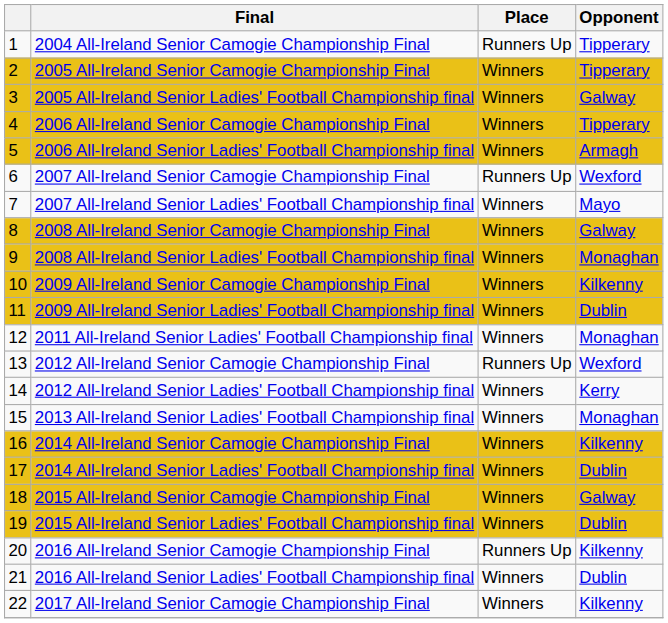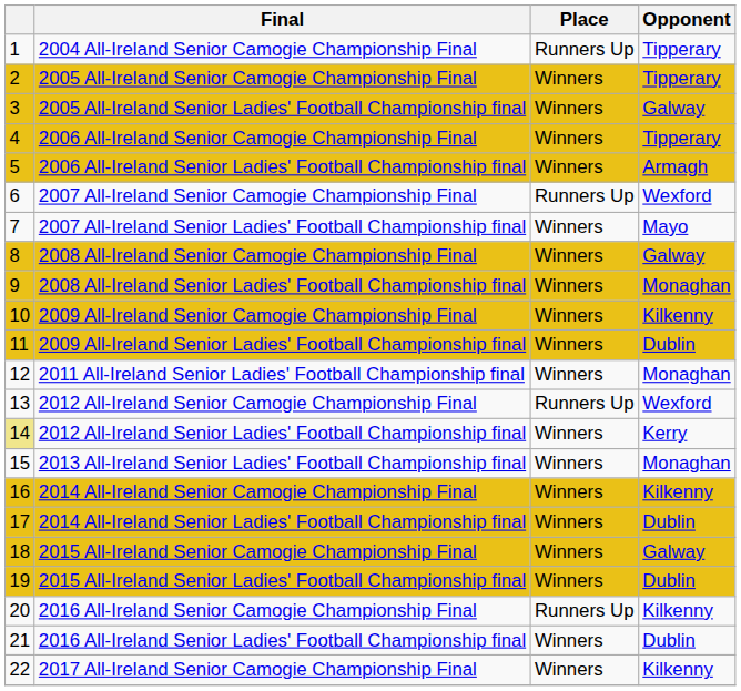 <table class="wikitable collapsible">
 <tr>
 <th></th>
 <th>Final</th>
 <th>Place</th>
 <th>Opponent</th>
 </tr>
 <tr>
 <td>1</td>
 <td><a href='#'>2004 All-Ireland Senior Camogie Championship Final</a></td>
 <td>Runners Up</td>
 <td><a href='#'>Tipperary</a></td>
 </tr>
 <tr bgcolor=#EAC117>
 <td>2</td>
 <td><a href='#'>2005 All-Ireland Senior Camogie Championship Final</a></td>
 <td>Winners</td>
 <td><a href='#'>Tipperary</a></td>
 </tr>
 <tr bgcolor=#EAC117>
 <td>3</td>
 <td><a href='#'>2005 All-Ireland Senior Ladies' Football Championship final</a></td>
 <td>Winners</td>
 <td><a href='#'>Galway</a></td>
 </tr>
 <tr bgcolor=#EAC117>
 <td>4</td>
 <td><a href='#'>2006 All-Ireland Senior Camogie Championship Final</a></td>
 <td>Winners</td>
 <td><a href='#'>Tipperary</a></td>
 </tr>
 <tr bgcolor=#EAC117>
 <td>5</td>
 <td><a href='#'>2006 All-Ireland Senior Ladies' Football Championship final</a></td>
 <td>Winners</td>
 <td><a href='#'>Armagh</a></td>
 </tr>
 <tr>
 <td>6</td>
 <td><a href='#'>2007 All-Ireland Senior Camogie Championship Final</a></td>
 <td>Runners Up</td>
 <td><a href='#'>Wexford</a></td>
 </tr>
 <tr>
 <td>7</td>
 <td><a href='#'>2007 All-Ireland Senior Ladies' Football Championship final</a></td>
 <td>Winners</td>
 <td><a href='#'>Mayo</a></td>
 </tr>
 <tr bgcolor=#EAC117>
 <td>8</td>
 <td><a href='#'>2008 All-Ireland Senior Camogie Championship Final</a></td>
 <td>Winners</td>
 <td><a href='#'>Galway</a></td>
 </tr>
 <tr bgcolor=#EAC117>
 <td>9</td>
 <td><a href='#'>2008 All-Ireland Senior Ladies' Football Championship final</a></td>
 <td>Winners</td>
 <td><a href='#'>Monaghan</a></td>
 </tr>
 <tr bgcolor=#EAC117>
 <td>10</td>
 <td><a href='#'>2009 All-Ireland Senior Camogie Championship Final</a></td>
 <td>Winners</td>
 <td><a href='#'>Kilkenny</a></td>
 </tr>
 <tr bgcolor=#EAC117>
 <td>11</td>
 <td><a href='#'>2009 All-Ireland Senior Ladies' Football Championship final</a></td>
 <td>Winners</td>
 <td><a href='#'>Dublin</a></td>
 </tr>
 <tr>
 <td>12</td>
 <td><a href='#'>2011 All-Ireland Senior Ladies' Football Championship final</a></td>
 <td>Winners</td>
 <td><a href='#'>Monaghan</a></td>
 </tr>
 <tr>
 <td>13</td>
 <td><a href='#'>2012 All-Ireland Senior Camogie Championship Final</a></td>
 <td>Runners Up</td>
 <td><a href='#'>Wexford</a></td>
 </tr>
 <tr>
-<td>14</td>
+<td style="background: khaki;">14</td>
 <td><a href='#'>2012 All-Ireland Senior Ladies' Football Championship final</a></td>
 <td>Winners</td>
 <td><a href='#'>Kerry</a></td>
 </tr>
 <tr>
 <td>15</td>
 <td><a href='#'>2013 All-Ireland Senior Ladies' Football Championship final</a></td>
 <td>Winners</td>
 <td><a href='#'>Monaghan</a></td>
 </tr>
 <tr bgcolor=#EAC117>
 <td>16</td>
 <td><a href='#'>2014 All-Ireland Senior Camogie Championship Final</a></td>
 <td>Winners</td>
 <td><a href='#'>Kilkenny</a></td>
 </tr>
 <tr bgcolor=#EAC117>
 <td>17</td>
 <td><a href='#'>2014 All-Ireland Senior Ladies' Football Championship final</a></td>
 <td>Winners</td>
 <td><a href='#'>Dublin</a></td>
 </tr>
 <tr bgcolor=#EAC117>
 <td>18</td>
 <td><a href='#'>2015 All-Ireland Senior Camogie Championship Final</a></td>
 <td>Winners</td>
 <td><a href='#'>Galway</a></td>
 </tr>
 <tr bgcolor=#EAC117>
 <td>19</td>
 <td><a href='#'>2015 All-Ireland Senior Ladies' Football Championship final</a></td>
 <td>Winners</td>
 <td><a href='#'>Dublin</a></td>
 </tr>
 <tr>
 <td>20</td>
 <td><a href='#'>2016 All-Ireland Senior Camogie Championship Final</a></td>
 <td>Runners Up</td>
 <td><a href='#'>Kilkenny</a></td>
 </tr>
 <tr>
 <td>21</td>
 <td><a href='#'>2016 All-Ireland Senior Ladies' Football Championship final</a></td>
 <td>Winners</td>
 <td><a href='#'>Dublin</a></td>
 </tr>
 <tr>
 <td>22</td>
 <td><a href='#'>2017 All-Ireland Senior Camogie Championship Final</a></td>
 <td>Winners</td>
 <td><a href='#'>Kilkenny</a></td>
 </tr>
 <tr>
 </tr>
 </table>
